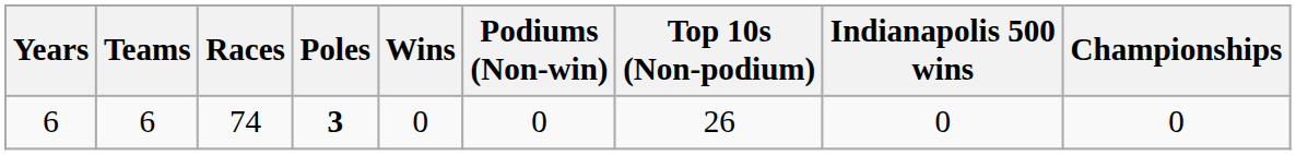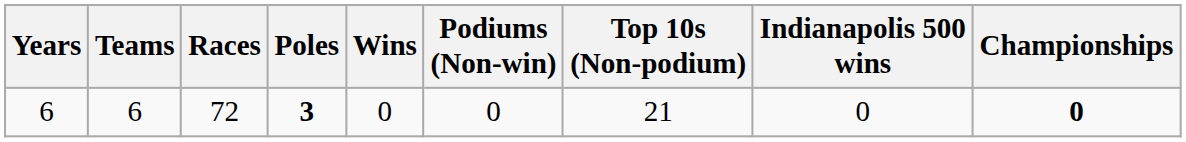 <table class="wikitable" style="text-align:center; font-size:90%">
 <tr>
 <th>Years</th>
 <th>Teams</th>
 <th>Races</th>
 <th>Poles</th>
 <th>Wins</th>
 <th>Podiums<br>(Non-win)</th>
 <th>Top 10s<br>(Non-podium)</th>
 <th>Indianapolis 500<br>wins</th>
 <th>Championships</th>
 </tr>
 <tr>
 <td>6</td>
 <td>6</td>
-<td>74</td>
+<td>72</td>
 <td><strong>3</strong></td>
 <td>0</td>
 <td>0</td>
-<td>26</td>
+<td>21</td>
 <td>0</td>
-<td>0</td>
+<td><strong>0</strong></td>
 </tr>
 </table>
